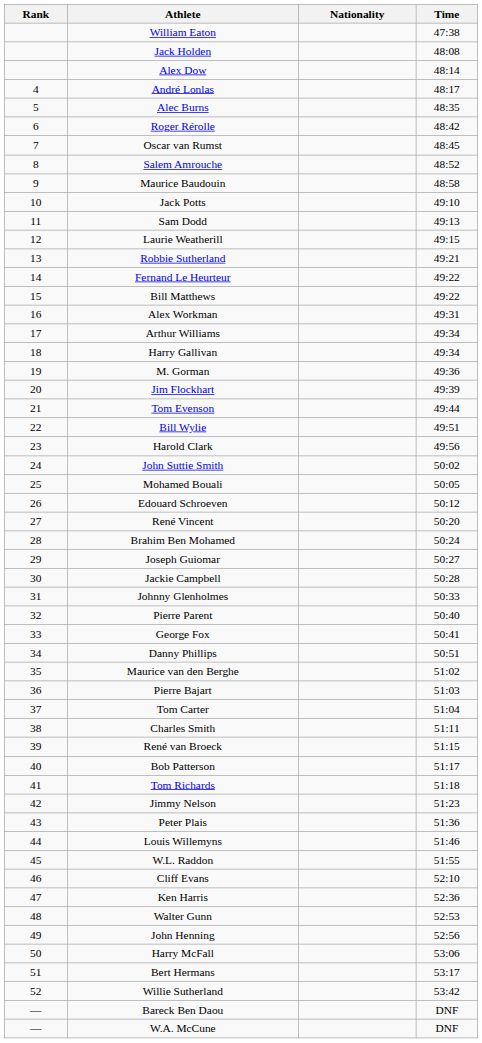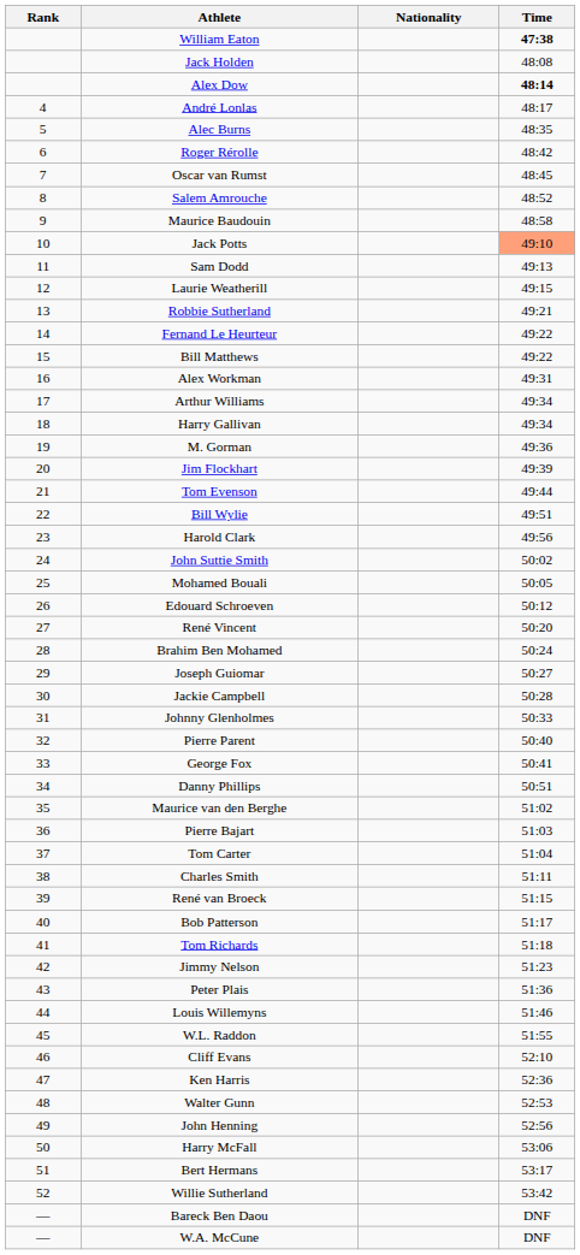 <table class="wikitable sortable" style=" text-align:center; font-size:95%;" width="50%">
 <tr>
 <th>Rank</th>
 <th>Athlete</th>
 <th>Nationality</th>
 <th>Time</th>
 </tr>
 <tr>
 <td align=center></td>
 <td><a href='#'>William Eaton</a></td>
 <td></td>
-<td>47:38</td>
+<td><strong>47:38</strong></td>
 </tr>
 <tr>
 <td align=center></td>
 <td><a href='#'>Jack Holden</a></td>
 <td></td>
 <td>48:08</td>
 </tr>
 <tr>
 <td align=center></td>
 <td><a href='#'>Alex Dow</a></td>
 <td></td>
-<td>48:14</td>
+<td><strong>48:14</strong></td>
 </tr>
 <tr>
 <td align=center>4</td>
 <td><a href='#'>André Lonlas</a></td>
 <td></td>
 <td>48:17</td>
 </tr>
 <tr>
 <td align=center>5</td>
 <td><a href='#'>Alec Burns</a></td>
 <td></td>
 <td>48:35</td>
 </tr>
 <tr>
 <td align=center>6</td>
 <td><a href='#'>Roger Rérolle</a></td>
 <td></td>
 <td>48:42</td>
 </tr>
 <tr>
 <td align=center>7</td>
 <td>Oscar van Rumst</td>
 <td></td>
 <td>48:45</td>
 </tr>
 <tr>
 <td align=center>8</td>
 <td><a href='#'>Salem Amrouche</a></td>
 <td></td>
 <td>48:52</td>
 </tr>
 <tr>
 <td align=center>9</td>
 <td>Maurice Baudouin</td>
 <td></td>
 <td>48:58</td>
 </tr>
 <tr>
 <td align=center>10</td>
 <td>Jack Potts</td>
 <td></td>
-<td>49:10</td>
+<td style="background: lightsalmon;">49:10</td>
 </tr>
 <tr>
 <td align=center>11</td>
 <td>Sam Dodd</td>
 <td></td>
 <td>49:13</td>
 </tr>
 <tr>
 <td align=center>12</td>
 <td>Laurie Weatherill</td>
 <td></td>
 <td>49:15</td>
 </tr>
 <tr>
 <td align=center>13</td>
 <td><a href='#'>Robbie Sutherland</a></td>
 <td></td>
 <td>49:21</td>
 </tr>
 <tr>
 <td align=center>14</td>
 <td><a href='#'>Fernand Le Heurteur</a></td>
 <td></td>
 <td>49:22</td>
 </tr>
 <tr>
 <td align=center>15</td>
 <td>Bill Matthews</td>
 <td></td>
 <td>49:22</td>
 </tr>
 <tr>
 <td align=center>16</td>
 <td>Alex Workman</td>
 <td></td>
 <td>49:31</td>
 </tr>
 <tr>
 <td align=center>17</td>
 <td>Arthur Williams</td>
 <td></td>
 <td>49:34</td>
 </tr>
 <tr>
 <td align=center>18</td>
 <td>Harry Gallivan</td>
 <td></td>
 <td>49:34</td>
 </tr>
 <tr>
 <td align=center>19</td>
 <td>M. Gorman</td>
 <td></td>
 <td>49:36</td>
 </tr>
 <tr>
 <td align=center>20</td>
 <td><a href='#'>Jim Flockhart</a></td>
 <td></td>
 <td>49:39</td>
 </tr>
 <tr>
 <td align=center>21</td>
 <td><a href='#'>Tom Evenson</a></td>
 <td></td>
 <td>49:44</td>
 </tr>
 <tr>
 <td align=center>22</td>
 <td><a href='#'>Bill Wylie</a></td>
 <td></td>
 <td>49:51</td>
 </tr>
 <tr>
 <td align=center>23</td>
 <td>Harold Clark</td>
 <td></td>
 <td>49:56</td>
 </tr>
 <tr>
 <td align=center>24</td>
 <td><a href='#'>John Suttie Smith</a></td>
 <td></td>
 <td>50:02</td>
 </tr>
 <tr>
 <td align=center>25</td>
 <td>Mohamed Bouali</td>
 <td></td>
 <td>50:05</td>
 </tr>
 <tr>
 <td align=center>26</td>
 <td>Edouard Schroeven</td>
 <td></td>
 <td>50:12</td>
 </tr>
 <tr>
 <td align=center>27</td>
 <td>René Vincent</td>
 <td></td>
 <td>50:20</td>
 </tr>
 <tr>
 <td align=center>28</td>
 <td>Brahim Ben Mohamed</td>
 <td></td>
 <td>50:24</td>
 </tr>
 <tr>
 <td align=center>29</td>
 <td>Joseph Guiomar</td>
 <td></td>
 <td>50:27</td>
 </tr>
 <tr>
 <td align=center>30</td>
 <td>Jackie Campbell</td>
 <td></td>
 <td>50:28</td>
 </tr>
 <tr>
 <td align=center>31</td>
 <td>Johnny Glenholmes</td>
 <td></td>
 <td>50:33</td>
 </tr>
 <tr>
 <td align=center>32</td>
 <td>Pierre Parent</td>
 <td></td>
 <td>50:40</td>
 </tr>
 <tr>
 <td align=center>33</td>
 <td>George Fox</td>
 <td></td>
 <td>50:41</td>
 </tr>
 <tr>
 <td align=center>34</td>
 <td>Danny Phillips</td>
 <td></td>
 <td>50:51</td>
 </tr>
 <tr>
 <td align=center>35</td>
 <td>Maurice van den Berghe</td>
 <td></td>
 <td>51:02</td>
 </tr>
 <tr>
 <td align=center>36</td>
 <td>Pierre Bajart</td>
 <td></td>
 <td>51:03</td>
 </tr>
 <tr>
 <td align=center>37</td>
 <td>Tom Carter</td>
 <td></td>
 <td>51:04</td>
 </tr>
 <tr>
 <td align=center>38</td>
 <td>Charles Smith</td>
 <td></td>
 <td>51:11</td>
 </tr>
 <tr>
 <td align=center>39</td>
 <td>René van Broeck</td>
 <td></td>
 <td>51:15</td>
 </tr>
 <tr>
 <td align=center>40</td>
 <td>Bob Patterson</td>
 <td></td>
 <td>51:17</td>
 </tr>
 <tr>
 <td align=center>41</td>
 <td><a href='#'>Tom Richards</a></td>
 <td></td>
 <td>51:18</td>
 </tr>
 <tr>
 <td align=center>42</td>
 <td>Jimmy Nelson</td>
 <td></td>
 <td>51:23</td>
 </tr>
 <tr>
 <td align=center>43</td>
 <td>Peter Plais</td>
 <td></td>
 <td>51:36</td>
 </tr>
 <tr>
 <td align=center>44</td>
 <td>Louis Willemyns</td>
 <td></td>
 <td>51:46</td>
 </tr>
 <tr>
 <td align=center>45</td>
 <td>W.L. Raddon</td>
 <td></td>
 <td>51:55</td>
 </tr>
 <tr>
 <td align=center>46</td>
 <td>Cliff Evans</td>
 <td></td>
 <td>52:10</td>
 </tr>
 <tr>
 <td align=center>47</td>
 <td>Ken Harris</td>
 <td></td>
 <td>52:36</td>
 </tr>
 <tr>
 <td align=center>48</td>
 <td>Walter Gunn</td>
 <td></td>
 <td>52:53</td>
 </tr>
 <tr>
 <td align=center>49</td>
 <td>John Henning</td>
 <td></td>
 <td>52:56</td>
 </tr>
 <tr>
 <td align=center>50</td>
 <td>Harry McFall</td>
 <td></td>
 <td>53:06</td>
 </tr>
 <tr>
 <td align=center>51</td>
 <td>Bert Hermans</td>
 <td></td>
 <td>53:17</td>
 </tr>
 <tr>
 <td align=center>52</td>
 <td>Willie Sutherland</td>
 <td></td>
 <td>53:42</td>
 </tr>
 <tr>
 <td align=center>—</td>
 <td>Bareck Ben Daou</td>
 <td></td>
 <td>DNF</td>
 </tr>
 <tr>
 <td align=center>—</td>
 <td>W.A. McCune</td>
 <td></td>
 <td>DNF</td>
 </tr>
 </table>
